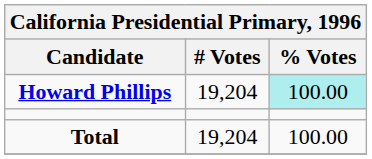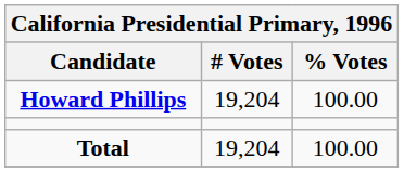 <table class=wikitable style="text-align:center;">
 <tr bgcolor=lightgrey>
 <th colspan="4">California Presidential Primary, 1996 </th>
 </tr>
 <tr bgcolor=lightgrey>
 <th>Candidate</th>
 <th># Votes</th>
 <th>% Votes</th>
 </tr>
 <tr>
 <td><strong><a href='#'>Howard Phillips</a></strong></td>
 <td>19,204</td>
-<td style="background: paleturquoise;">100.00</td>
+<td>100.00</td>
 </tr>
 <tr>
 <td></td>
 <td></td>
 <td></td>
 </tr>
 <tr>
 <td><strong>Total</strong></td>
 <td>19,204</td>
 <td>100.00</td>
 </tr>
 <tr>
 </tr>
 </table>
